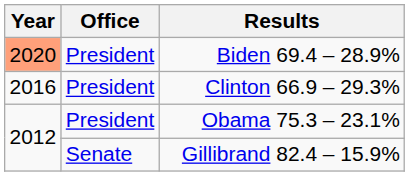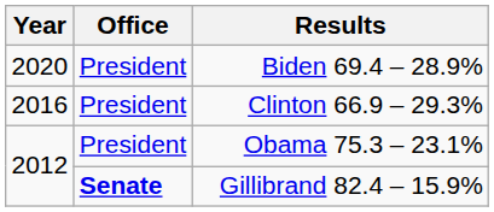 <table class=wikitable>
 <tr>
 <th width="30">Year</th>
 <th width="60">Office</th>
 <th width="180">Results</th>
 </tr>
 <tr>
-<td style="background: lightsalmon;">2020</td>
+<td>2020</td>
 <td><a href='#'>President</a></td>
 <td align="right" ><a href='#'>Biden</a> 69.4 – 28.9%</td>
 </tr>
 <tr>
 <td>2016</td>
 <td><a href='#'>President</a></td>
 <td align="right" ><a href='#'>Clinton</a> 66.9 – 29.3%</td>
 </tr>
 <tr>
 <td rowspan="2">2012</td>
 <td><a href='#'>President</a></td>
 <td align="right" ><a href='#'>Obama</a> 75.3 – 23.1%</td>
 </tr>
 <tr>
-<td><a href='#'>Senate</a></td>
+<td><strong><a href='#'>Senate</a></strong></td>
 <td align="right" ><a href='#'>Gillibrand</a> 82.4 – 15.9%</td>
 </tr>
 </table>
